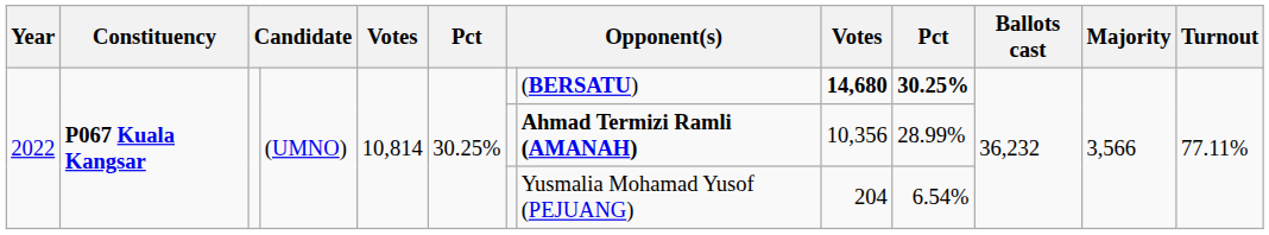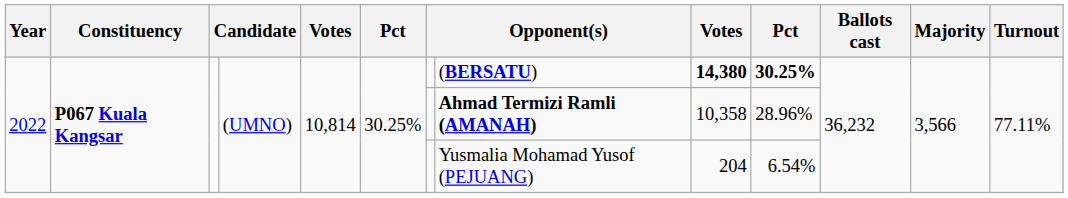 <table class="wikitable" style="margin:0.5em ; font-size:95%">
 <tr>
 <th>Year</th>
 <th>Constituency</th>
 <th colspan=2>Candidate</th>
 <th>Votes</th>
 <th>Pct</th>
 <th colspan=2>Opponent(s)</th>
 <th>Votes</th>
 <th>Pct</th>
 <th>Ballots cast</th>
 <th>Majority</th>
 <th>Turnout</th>
 </tr>
 <tr>
 <td rowspan="3"><a href='#'>2022</a></td>
 <td rowspan="3"><strong>P067 <a href='#'>Kuala Kangsar</a></strong></td>
 <td rowspan="3" ></td>
 <td rowspan="3"> (<a href='#'>UMNO</a>)</td>
 <td rowspan="3" align="right">10,814</td>
 <td rowspan="3">30.25%</td>
 <td bgcolor=></td>
 <td> (<a href='#'><strong>BERSATU</strong></a>)</td>
-<td align=right><strong>14,680</strong></td>
+<td align=right><strong>14,380</strong></td>
 <td><strong>30.25%</strong></td>
 <td rowspan="3">36,232</td>
 <td rowspan="3">3,566</td>
 <td rowspan="3">77.11%</td>
 </tr>
 <tr>
 <td></td>
 <td><strong>Ahmad Termizi Ramli (<a href='#'>AMANAH</a>)</strong></td>
-<td align="right">10,356</td>
-<td>28.99%</td>
+<td align="right">10,358</td>
+<td>28.96%</td>
 </tr>
 <tr>
 <td bgcolor=></td>
 <td>Yusmalia Mohamad Yusof (<a href='#'>PEJUANG</a>)</td>
 <td align="right">204</td>
 <td align=right>6.54%</td>
 </tr>
 </table>
